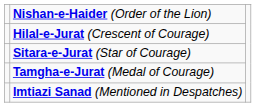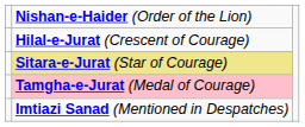 <table class="wikitable">
 <tr>
 <td></td>
 <td><strong><a href='#'>Nishan-e-Haider</a></strong> <em>(Order of the Lion)</em></td>
 <td rowspan="5"></td>
 </tr>
 <tr>
 <td></td>
 <td><strong><a href='#'>Hilal-e-Jurat</a></strong> <em>(Crescent of Courage)</em></td>
 </tr>
 <tr>
 <td></td>
-<td><strong><a href='#'>Sitara-e-Jurat</a></strong> <em>(Star of Courage)</em></td>
+<td style="background: khaki;"><strong><a href='#'>Sitara-e-Jurat</a></strong> <em>(Star of Courage)</em></td>
 </tr>
 <tr>
 <td></td>
-<td><strong><a href='#'>Tamgha-e-Jurat</a></strong> <em>(Medal of Courage)</em></td>
+<td style="background: pink;"><strong><a href='#'>Tamgha-e-Jurat</a></strong> <em>(Medal of Courage)</em></td>
 </tr>
 <tr>
 <td></td>
 <td><strong><a href='#'>Imtiazi Sanad</a></strong> <em>(Mentioned in Despatches)</em></td>
 </tr>
 </table>
